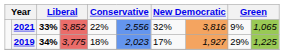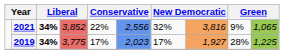 <table class="wikitable" style="float:right; width:400; font-size:90%; margin-left:1em;">
 <tr>
 <th colspan="2" scope="col">Year</th>
 <th colspan="2" scope="col"><a href='#'>Liberal</a></th>
 <th colspan="2" scope="col"><a href='#'>Conservative</a></th>
 <th colspan="2" scope="col"><a href='#'>New Democratic</a></th>
 <th colspan="2" scope="col"><a href='#'>Green</a></th>
 </tr>
 <tr>
 <td rowspan="2" style="width: 0.25em; background-color: "></td>
 <th><a href='#'>2021</a></th>
-<td><strong>33%</strong></td>
+<td><strong>34%</strong></td>
 <td style="text-align:right; background:#EA6D6A;"><em>3,852</em></td>
 <td>22%</td>
 <td style="text-align:right; background:#6495ED;"><em>2,556</em></td>
 <td>32%</td>
 <td style="text-align:right; background:#F4A460;"><em>3,816</em></td>
 <td>9%</td>
 <td style="text-align:right; background:#99C955;"><em>1,065</em></td>
 </tr>
 <tr>
 <th><a href='#'>2019</a></th>
 <td><strong>34%</strong></td>
 <td style="text-align:right; background:#EA6D6A;"><em>3,775</em></td>
-<td>18%</td>
+<td>17%</td>
 <td style="text-align:right; background:#6495ED;"><em>2,023</em></td>
 <td>17%</td>
 <td style="text-align:right; background:#F4A460;"><em>1,927</em></td>
-<td>29%</td>
+<td>28%</td>
 <td style="text-align:right; background:#99C955;"><em>1,225</em></td>
 </tr>
 <tr>
 </tr>
 </table>
